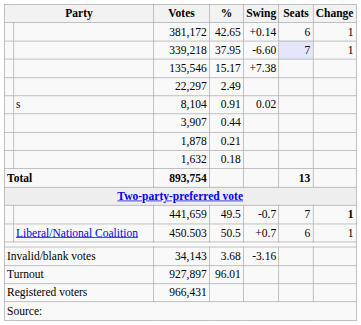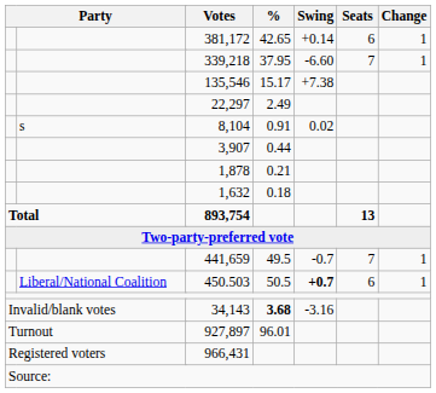 <table class="wikitable">
 <tr>
 <th colspan="3" style="width:200px"><strong>Party</strong></th>
 <th style="width:70px; text-align:center;"><strong>Votes</strong></th>
 <th style="width:40px; text-align:center;"><strong>%</strong></th>
 <th style="width:40px; text-align:center;"><strong>Swing</strong></th>
 <th style="width:40px; text-align:center;"><strong>Seats</strong></th>
 <th style="width:40px; text-align:center;"><strong>Change</strong></th>
 </tr>
 <tr>
 <td> </td>
 <td colspan=2></td>
 <td align=right>381,172</td>
 <td align=right>42.65</td>
 <td align=right>+0.14</td>
 <td align=right>6</td>
 <td align=right> 1</td>
 </tr>
 <tr>
 <td> </td>
 <td colspan=2></td>
 <td align=right>339,218</td>
 <td align=right>37.95</td>
 <td align=right>-6.60</td>
-<td align=right style="background: lavender;">7</td>
+<td align=right>7</td>
 <td align=right> 1</td>
 </tr>
 <tr>
 <td> </td>
 <td colspan=2></td>
 <td align=right>135,546</td>
 <td align=right>15.17</td>
 <td align=right>+7.38</td>
 <td align=right></td>
 <td align=right></td>
 </tr>
 <tr>
 <td> </td>
 <td colspan=2></td>
 <td align=right>22,297</td>
 <td align=right>2.49</td>
 <td align=right></td>
 <td align=right></td>
 <td align=right></td>
 </tr>
 <tr>
 <td> </td>
 <td colspan=2>s</td>
 <td align=right>8,104</td>
 <td align=right>0.91</td>
 <td align=right>0.02</td>
 <td align=right></td>
 <td align=right></td>
 </tr>
 <tr>
 <td> </td>
 <td colspan=2></td>
 <td align=right>3,907</td>
 <td align=right>0.44</td>
 <td align=right></td>
 <td align=right></td>
 <td align=right></td>
 </tr>
 <tr>
 <td> </td>
 <td colspan=2></td>
 <td align=right>1,878</td>
 <td align=right>0.21</td>
 <td align=right></td>
 <td align=right></td>
 <td align=right></td>
 </tr>
 <tr>
 <td> </td>
 <td colspan=2></td>
 <td align=right>1,632</td>
 <td align=right>0.18</td>
 <td align=right></td>
 <td align=right></td>
 <td align=right></td>
 </tr>
 <tr>
 <td colspan="3" align="left"><strong>Total</strong></td>
 <td align=right><strong>893,754</strong></td>
 <td align=right></td>
 <td align=right></td>
 <td align=right><strong>13</strong></td>
 <td align=right></td>
 </tr>
 <tr>
 <td colspan="8" style="text-align:center; background:#eee;"><strong><a href='#'>Two-party-preferred vote</a></strong></td>
 </tr>
 <tr>
 <td> </td>
 <td colspan=2></td>
 <td align=right>441,659</td>
 <td align=right>49.5</td>
 <td align=right>-0.7</td>
 <td align=right>7</td>
-<td align=right><strong> 1</strong></td>
+<td align=right> 1</td>
 </tr>
 <tr>
 <td> </td>
 <td colspan=2><a href='#'>Liberal/National Coalition</a></td>
 <td align=right>450.503</td>
 <td align=right>50.5</td>
-<td align=right>+0.7</td>
+<td align=right><strong>+0.7</strong></td>
 <td align=right>6</td>
 <td align=right> 1</td>
 </tr>
 <tr>
 <td colspan="8"></td>
 </tr>
 <tr>
 <td colspan="3" style="text-align:left;">Invalid/blank votes</td>
 <td align=right>34,143</td>
-<td align=right>3.68</td>
+<td align=right><strong>3.68</strong></td>
 <td align=right>-3.16</td>
 <td></td>
 <td></td>
 </tr>
 <tr>
 <td colspan="3" style="text-align:left;">Turnout</td>
 <td align=right>927,897</td>
 <td align=right>96.01</td>
 <td></td>
 <td></td>
 <td></td>
 </tr>
 <tr>
 <td colspan="3" style="text-align:left;">Registered voters</td>
 <td align=right>966,431</td>
 <td></td>
 <td></td>
 <td></td>
 <td></td>
 </tr>
 <tr>
 <td colspan="8" align="left">Source: </td>
 </tr>
 </table>
